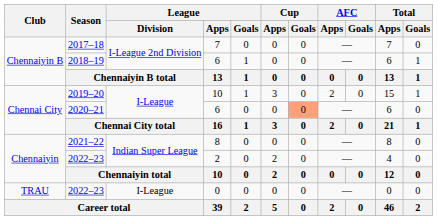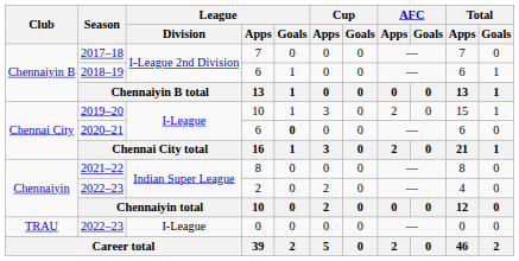 <table class="wikitable" style="text-align: center;">
 <tr>
 <th rowspan="2">Club</th>
 <th rowspan="2">Season</th>
 <th colspan="3">League</th>
 <th colspan="2">Cup</th>
 <th colspan="2"><a href='#'>AFC</a></th>
 <th colspan="2">Total</th>
 </tr>
 <tr>
 <th>Division</th>
 <th>Apps</th>
 <th>Goals</th>
 <th>Apps</th>
 <th>Goals</th>
 <th>Apps</th>
 <th>Goals</th>
 <th>Apps</th>
 <th>Goals</th>
 </tr>
 <tr>
 <td rowspan="3"><a href='#'>Chennaiyin B</a></td>
 <td><a href='#'>2017–18</a></td>
 <td rowspan="2"><a href='#'>I-League 2nd Division</a></td>
 <td>7</td>
 <td>0</td>
 <td>0</td>
 <td>0</td>
 <td colspan="2">—</td>
 <td>7</td>
 <td>0</td>
 </tr>
 <tr>
 <td><a href='#'>2018–19</a></td>
 <td>6</td>
 <td>1</td>
 <td>0</td>
 <td>0</td>
 <td colspan="2">—</td>
 <td>6</td>
 <td>1</td>
 </tr>
 <tr>
 <th colspan="2">Chennaiyin B total</th>
 <th>13</th>
 <th>1</th>
 <th>0</th>
 <th>0</th>
 <th>0</th>
 <th>0</th>
 <th>13</th>
 <th>1</th>
 </tr>
 <tr>
 <td rowspan="3"><a href='#'>Chennai City</a></td>
 <td><a href='#'>2019–20</a></td>
 <td rowspan="2"><a href='#'>I-League</a></td>
 <td>10</td>
 <td>1</td>
 <td>3</td>
 <td>0</td>
 <td>2</td>
 <td>0</td>
 <td>15</td>
 <td>1</td>
 </tr>
 <tr>
 <td><a href='#'>2020–21</a></td>
 <td>6</td>
+<td><strong>0</strong></td>
 <td>0</td>
 <td>0</td>
-<td style="background: lightsalmon;">0</td>
 <td colspan="2">—</td>
 <td>6</td>
 <td>0</td>
 </tr>
 <tr>
 <th colspan="2">Chennai City total</th>
 <th>16</th>
 <th>1</th>
 <th>3</th>
 <th>0</th>
 <th>2</th>
 <th>0</th>
 <th>21</th>
 <th>1</th>
 </tr>
 <tr>
 <td rowspan="3"><a href='#'>Chennaiyin</a></td>
 <td><a href='#'>2021–22</a></td>
 <td rowspan="2"><a href='#'>Indian Super League</a></td>
 <td>8</td>
 <td>0</td>
 <td>0</td>
 <td>0</td>
 <td colspan="2">—</td>
 <td>8</td>
 <td>0</td>
 </tr>
 <tr>
 <td><a href='#'>2022–23</a></td>
 <td>2</td>
 <td>0</td>
 <td>2</td>
 <td>0</td>
 <td colspan="2">—</td>
 <td>4</td>
 <td>0</td>
 </tr>
 <tr>
 <th colspan="2">Chennaiyin total</th>
 <th>10</th>
 <th>0</th>
 <th>2</th>
 <th>0</th>
 <th>0</th>
 <th>0</th>
 <th>12</th>
 <th>0</th>
 </tr>
 <tr>
 <td rowspan="1"><a href='#'>TRAU</a></td>
 <td><a href='#'>2022–23</a></td>
 <td rowspan="1">I-League</td>
 <td>0</td>
 <td>0</td>
 <td>0</td>
 <td>0</td>
 <td colspan="2">—</td>
 <td>0</td>
 <td>0</td>
 </tr>
 <tr>
 <th colspan="3">Career total</th>
 <th>39</th>
 <th>2</th>
 <th>5</th>
 <th>0</th>
 <th>2</th>
 <th>0</th>
 <th>46</th>
 <th>2</th>
 </tr>
 </table>
